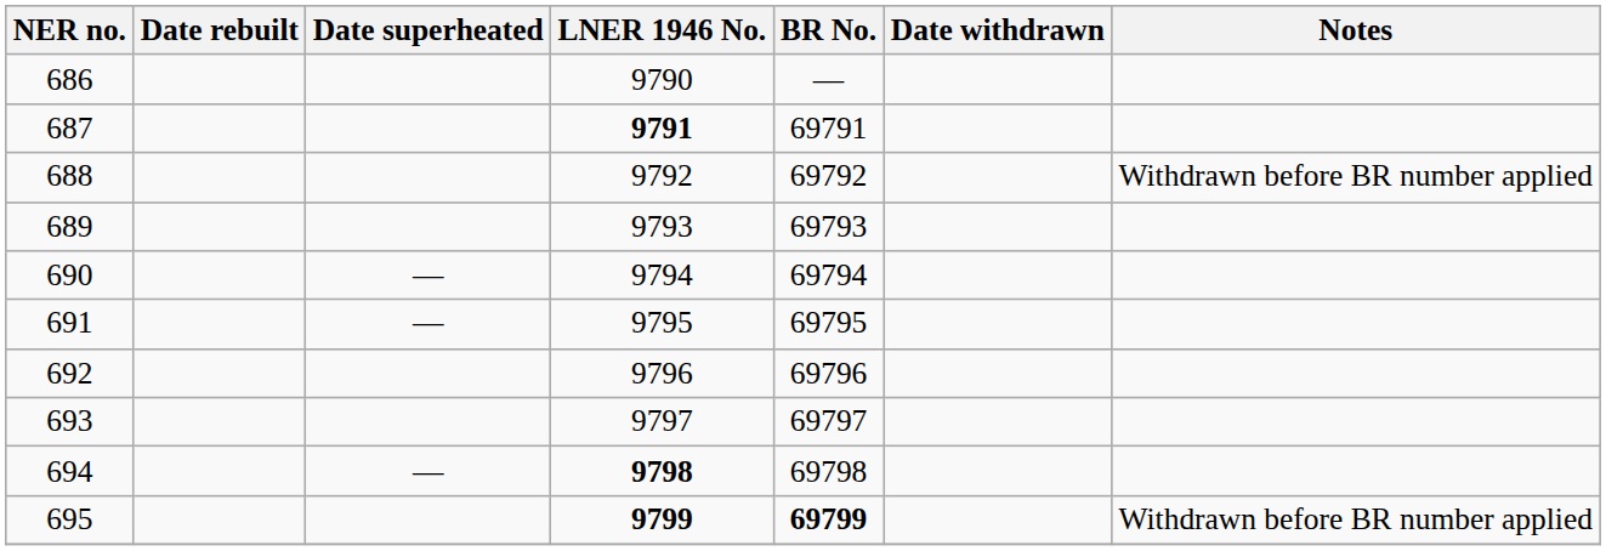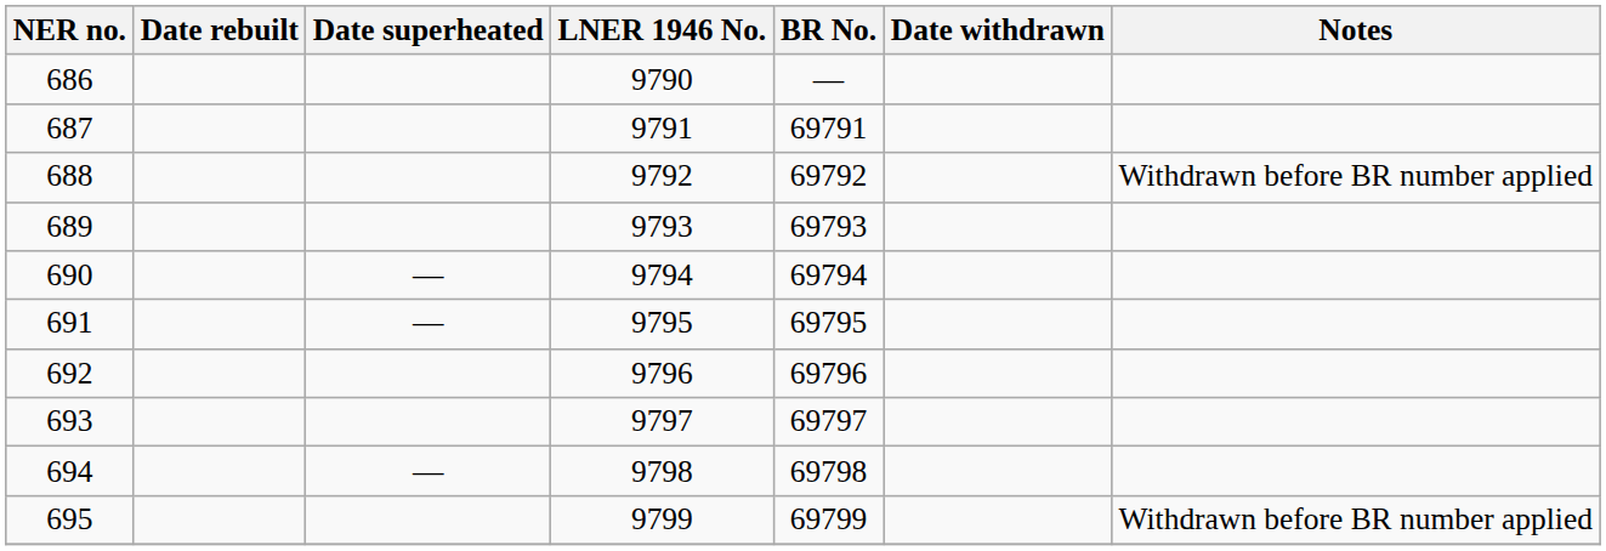 <table class="wikitable sortable" style=text-align:center>
 <tr>
 <th>NER no.</th>
 <th>Date rebuilt</th>
 <th>Date superheated</th>
 <th>LNER 1946 No.</th>
 <th>BR No.</th>
 <th>Date withdrawn</th>
 <th>Notes</th>
 </tr>
 <tr>
 <td>686</td>
 <td></td>
 <td></td>
 <td>9790</td>
 <td>—</td>
 <td></td>
 <td align=left></td>
 </tr>
 <tr>
 <td>687</td>
 <td></td>
 <td></td>
-<td><strong>9791</strong></td>
+<td>9791</td>
 <td>69791</td>
 <td></td>
 <td align=left></td>
 </tr>
 <tr>
 <td>688</td>
 <td></td>
 <td></td>
 <td>9792</td>
 <td>69792</td>
 <td></td>
 <td align=left>Withdrawn before BR number applied</td>
 </tr>
 <tr>
 <td>689</td>
 <td></td>
 <td></td>
 <td>9793</td>
 <td>69793</td>
 <td></td>
 <td align=left></td>
 </tr>
 <tr>
 <td>690</td>
 <td></td>
 <td>—</td>
 <td>9794</td>
 <td>69794</td>
 <td></td>
 <td align=left></td>
 </tr>
 <tr>
 <td>691</td>
 <td></td>
 <td>—</td>
 <td>9795</td>
 <td>69795</td>
 <td></td>
 <td align=left></td>
 </tr>
 <tr>
 <td>692</td>
 <td></td>
 <td></td>
 <td>9796</td>
 <td>69796</td>
 <td></td>
 <td align=left></td>
 </tr>
 <tr>
 <td>693</td>
 <td></td>
 <td></td>
 <td>9797</td>
 <td>69797</td>
 <td></td>
 <td align=left></td>
 </tr>
 <tr>
 <td>694</td>
 <td></td>
 <td>—</td>
-<td><strong>9798</strong></td>
+<td>9798</td>
 <td>69798</td>
 <td></td>
 <td align=left></td>
 </tr>
 <tr>
 <td>695</td>
 <td></td>
 <td></td>
-<td><strong>9799</strong></td>
-<td><strong>69799</strong></td>
+<td>9799</td>
+<td>69799</td>
 <td></td>
 <td align=left>Withdrawn before BR number applied</td>
 </tr>
 <tr>
 </tr>
 </table>
